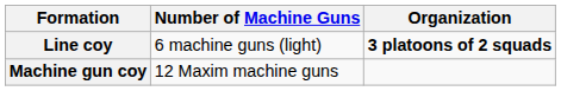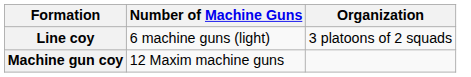 <table class="wikitable" border="1">
 <tr>
 <th>Formation</th>
 <th>Number of <a href='#'>Machine Guns</a></th>
 <th>Organization</th>
 </tr>
 <tr>
 <th>Line coy</th>
 <td>6 machine guns (light)</td>
-<td><strong>3 platoons of 2 squads</strong></td>
+<td>3 platoons of 2 squads</td>
 </tr>
 <tr>
 <th>Machine gun coy</th>
 <td>12 Maxim machine guns</td>
 </tr>
 </table>
